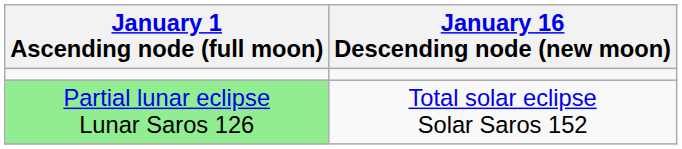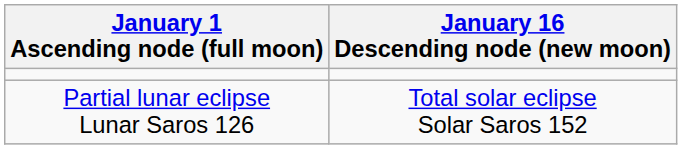 <table class="wikitable">
 <tr>
 <th><a href='#'>January 1</a><br>Ascending node (full moon)<br></th>
 <th><a href='#'>January 16</a><br>Descending node (new moon)<br></th>
 </tr>
 <tr>
 <td></td>
 <td></td>
 </tr>
 <tr align=center>
-<td style="background: lightgreen;"><a href='#'>Partial lunar eclipse</a><br>Lunar Saros 126</td>
+<td><a href='#'>Partial lunar eclipse</a><br>Lunar Saros 126</td>
 <td><a href='#'>Total solar eclipse</a><br>Solar Saros 152</td>
 </tr>
 </table>
